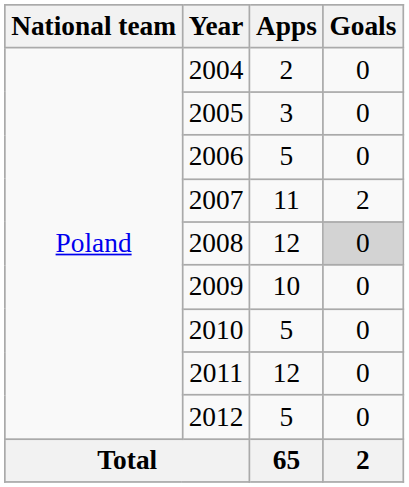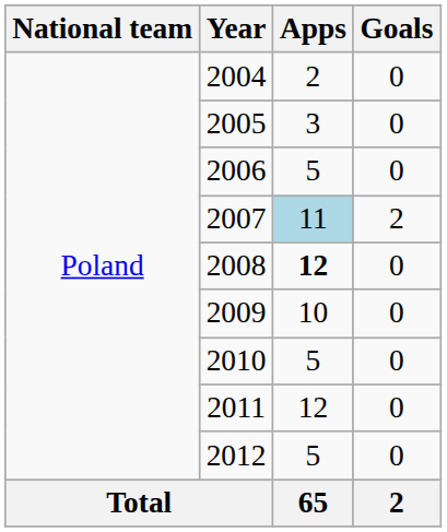 <table class="wikitable" style="text-align:center">
 <tr>
 <th>National team</th>
 <th>Year</th>
 <th>Apps</th>
 <th>Goals</th>
 </tr>
 <tr>
 <td rowspan="9"><a href='#'>Poland</a></td>
 <td>2004</td>
 <td>2</td>
 <td>0</td>
 </tr>
 <tr>
 <td>2005</td>
 <td>3</td>
 <td>0</td>
 </tr>
 <tr>
 <td>2006</td>
 <td>5</td>
 <td>0</td>
 </tr>
 <tr>
 <td>2007</td>
-<td>11</td>
+<td style="background: lightblue;">11</td>
 <td>2</td>
 </tr>
 <tr>
 <td>2008</td>
-<td>12</td>
-<td style="background: lightgrey;">0</td>
+<td><strong>12</strong></td>
+<td>0</td>
 </tr>
 <tr>
 <td>2009</td>
 <td>10</td>
 <td>0</td>
 </tr>
 <tr>
 <td>2010</td>
 <td>5</td>
 <td>0</td>
 </tr>
 <tr>
 <td>2011</td>
 <td>12</td>
 <td>0</td>
 </tr>
 <tr>
 <td>2012</td>
 <td>5</td>
 <td>0</td>
 </tr>
 <tr>
 <th colspan="2">Total</th>
 <th>65</th>
 <th>2</th>
 </tr>
 </table>
